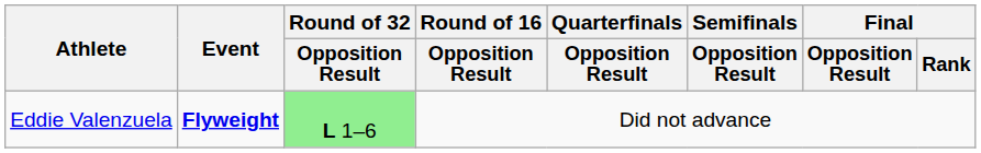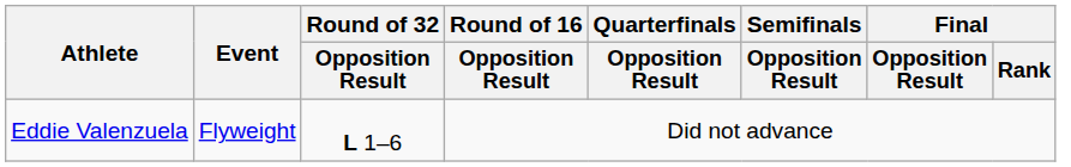 <table class="wikitable" style="font-size:90%">
 <tr>
 <th rowspan="2">Athlete</th>
 <th rowspan="2">Event</th>
 <th>Round of 32</th>
 <th>Round of 16</th>
 <th>Quarterfinals</th>
 <th>Semifinals</th>
 <th colspan=2>Final</th>
 </tr>
 <tr style="font-size:95%">
 <th>Opposition<br>Result</th>
 <th>Opposition<br>Result</th>
 <th>Opposition<br>Result</th>
 <th>Opposition<br>Result</th>
 <th>Opposition<br>Result</th>
 <th>Rank</th>
 </tr>
 <tr align=center>
 <td align=left><a href='#'>Eddie Valenzuela</a></td>
-<td align=left><strong><a href='#'>Flyweight</a></strong></td>
-<td style="background: lightgreen;"><br><strong>L</strong> 1–6</td>
+<td align=left><a href='#'>Flyweight</a></td>
+<td><br><strong>L</strong> 1–6</td>
 <td colspan=5>Did not advance</td>
 </tr>
 </table>
